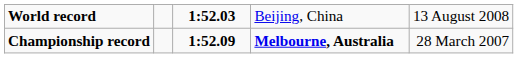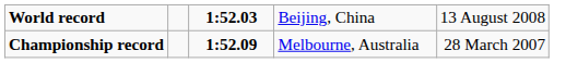 <table class="wikitable">
 <tr>
 <td><strong>World record</strong></td>
 <td style="padding-right:1em"></td>
 <td style="text-align:center;padding-left:1em; padding-right:1em;"><strong>1:52.03</strong></td>
 <td style="padding-right:1em"><a href='#'>Beijing</a>, China</td>
 <td align=right>13 August 2008</td>
 </tr>
 <tr>
 <td><strong>Championship record</strong></td>
 <td style="padding-right:1em"></td>
 <td style="text-align:center;padding-left:1em; padding-right:1em;"><strong>1:52.09</strong></td>
-<td style="padding-right:1em"><strong><a href='#'>Melbourne</a>, Australia</strong></td>
+<td style="padding-right:1em"><a href='#'>Melbourne</a>, Australia</td>
 <td align=right>28 March 2007</td>
 </tr>
 </table>
